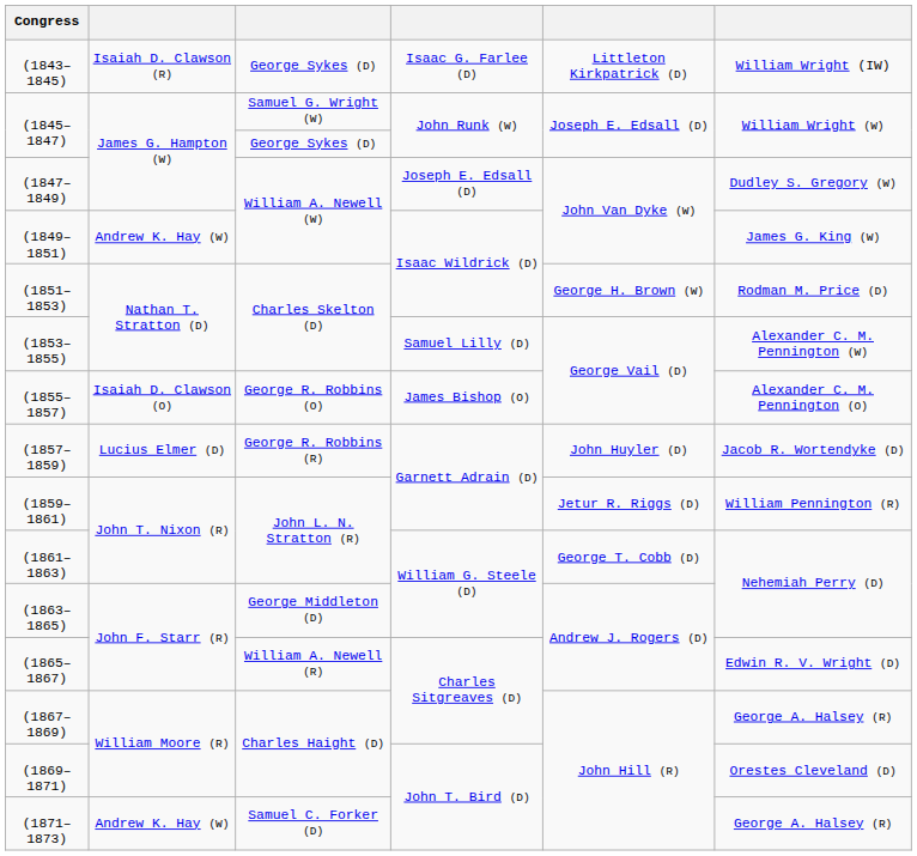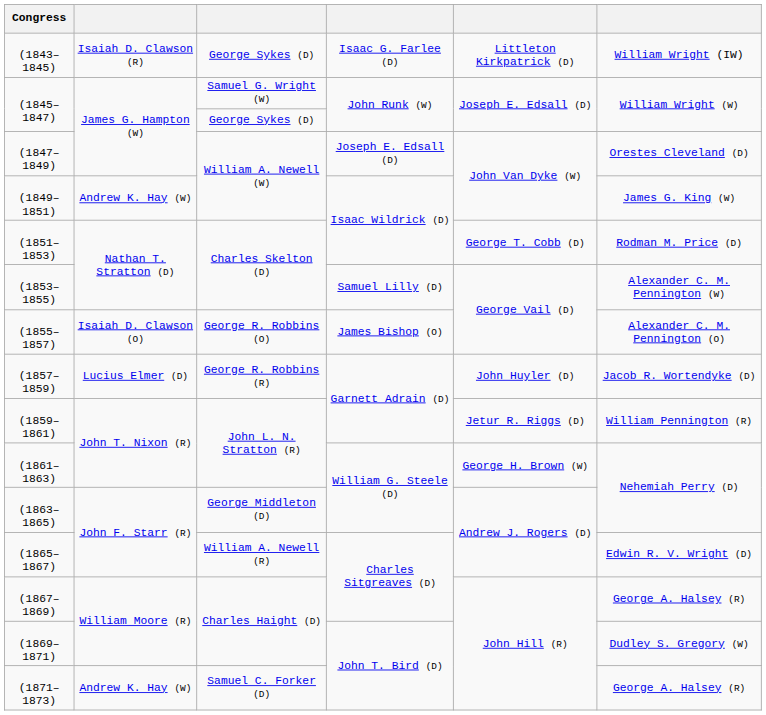 <table class=wikitable style="text-align:center">
 <tr style="height:2.5em">
 <th>Cong­ress</th>
 <th></th>
 <th></th>
 <th></th>
 <th></th>
 <th></th>
 </tr>
 <tr style="height:2em">
 <td><strong></strong><br>(1843–1845)</td>
 <td><a href='#'>Isaiah D. Clawson</a> <small>(R)</small></td>
 <td><a href='#'>George Sykes</a> <small>(D)</small></td>
 <td><a href='#'>Isaac G. Farlee</a> <small>(D)</small></td>
 <td><a href='#'>Littleton Kirkpatrick</a> <small>(D)</small></td>
 <td><a href='#'>William Wright</a> (IW)</td>
 </tr>
 <tr style="height:2em">
 <td rowspan=2><strong></strong><br>(1845–1847)</td>
 <td rowspan=3 ><a href='#'>James G. Hampton</a> <small>(W)</small></td>
 <td><a href='#'>Samuel G. Wright</a> <small>(W)</small></td>
 <td rowspan=2 ><a href='#'>John Runk</a> <small>(W)</small></td>
 <td rowspan=2 ><a href='#'>Joseph E. Edsall</a> <small>(D)</small></td>
 <td rowspan=2 ><a href='#'>William Wright</a> <small>(W)</small></td>
 </tr>
 <tr style="height:2em">
 <td><a href='#'>George Sykes</a> <small>(D)</small></td>
 </tr>
 <tr style="height:2em">
 <td><strong></strong><br>(1847–1849)</td>
 <td rowspan=2 ><a href='#'>William A. Newell</a> <small>(W)</small></td>
 <td><a href='#'>Joseph E. Edsall</a> <small>(D)</small></td>
 <td rowspan=2 ><a href='#'>John Van Dyke</a> <small>(W)</small></td>
-<td><a href='#'>Dudley S. Gregory</a> <small>(W)</small></td>
+<td><a href='#'>Orestes Cleveland</a> <small>(D)</small></td>
 </tr>
 <tr style="height:2em">
 <td><strong></strong><br>(1849–1851)</td>
 <td><a href='#'>Andrew K. Hay</a> <small>(W)</small></td>
 <td rowspan=2 ><a href='#'>Isaac Wildrick</a> <small>(D)</small></td>
 <td><a href='#'>James G. King</a> <small>(W)</small></td>
 </tr>
 <tr style="height:2em">
 <td><strong></strong><br>(1851–1853)</td>
 <td rowspan=2 ><a href='#'>Nathan T. Stratton</a> <small>(D)</small></td>
 <td rowspan=2 ><a href='#'>Charles Skelton</a> <small>(D)</small></td>
-<td><a href='#'>George H. Brown</a> <small>(W)</small></td>
+<td><a href='#'>George T. Cobb</a> <small>(D)</small></td>
 <td><a href='#'>Rodman M. Price</a> <small>(D)</small></td>
 </tr>
 <tr style="height:2em">
 <td><strong></strong><br>(1853–1855)</td>
 <td><a href='#'>Samuel Lilly</a> <small>(D)</small></td>
 <td rowspan=2 ><a href='#'>George Vail</a> <small>(D)</small></td>
 <td><a href='#'>Alexander C. M. Pennington</a> <small>(W)</small></td>
 </tr>
 <tr style="height:2em">
 <td><strong></strong><br>(1855–1857)</td>
 <td><a href='#'>Isaiah D. Clawson</a> <small>(O)</small></td>
 <td><a href='#'>George R. Robbins</a> <small>(O)</small></td>
 <td><a href='#'>James Bishop</a> <small>(O)</small></td>
 <td><a href='#'>Alexander C. M. Pennington</a> <small>(O)</small></td>
 </tr>
 <tr style="height:2em">
 <td><strong></strong><br>(1857–1859)</td>
 <td><a href='#'>Lucius Elmer</a> <small>(D)</small></td>
 <td><a href='#'>George R. Robbins</a> <small>(R)</small></td>
 <td rowspan=2 ><a href='#'>Garnett Adrain</a> <small>(D)</small></td>
 <td><a href='#'>John Huyler</a> <small>(D)</small></td>
 <td><a href='#'>Jacob R. Wortendyke</a> <small>(D)</small></td>
 </tr>
 <tr style="height:2em">
 <td><strong></strong><br>(1859–1861)</td>
 <td rowspan=2 ><a href='#'>John T. Nixon</a> <small>(R)</small></td>
 <td rowspan=2 ><a href='#'>John L. N. Stratton</a> <small>(R)</small></td>
 <td><a href='#'>Jetur R. Riggs</a> <small>(D)</small></td>
 <td><a href='#'>William Pennington</a> <small>(R)</small></td>
 </tr>
 <tr style="height:2em">
 <td><strong></strong><br>(1861–1863)</td>
 <td rowspan=2 ><a href='#'>William G. Steele</a> <small>(D)</small></td>
-<td><a href='#'>George T. Cobb</a> <small>(D)</small></td>
+<td><a href='#'>George H. Brown</a> <small>(W)</small></td>
 <td rowspan=2 ><a href='#'>Nehemiah Perry</a> <small>(D)</small></td>
 </tr>
 <tr style="height:2em">
 <td><strong></strong><br>(1863–1865)</td>
 <td rowspan=2 ><a href='#'>John F. Starr</a> <small>(R)</small></td>
 <td><a href='#'>George Middleton</a> <small>(D)</small></td>
 <td rowspan=2 ><a href='#'>Andrew J. Rogers</a> <small>(D)</small></td>
 </tr>
 <tr style="height:2em">
 <td><strong></strong><br>(1865–1867)</td>
 <td><a href='#'>William A. Newell</a> <small>(R)</small></td>
 <td rowspan=2 ><a href='#'>Charles Sitgreaves</a> <small>(D)</small></td>
 <td><a href='#'>Edwin R. V. Wright</a> <small>(D)</small></td>
 </tr>
 <tr style="height:2em">
 <td><strong></strong><br>(1867–1869)</td>
 <td rowspan=2 ><a href='#'>William Moore</a> <small>(R)</small></td>
 <td rowspan=2 ><a href='#'>Charles Haight</a> <small>(D)</small></td>
 <td rowspan=3 ><a href='#'>John Hill</a> <small>(R)</small></td>
 <td><a href='#'>George A. Halsey</a> <small>(R)</small></td>
 </tr>
 <tr style="height:2em">
 <td><strong></strong><br>(1869–1871)</td>
 <td rowspan=2 ><a href='#'>John T. Bird</a> <small>(D)</small></td>
-<td><a href='#'>Orestes Cleveland</a> <small>(D)</small></td>
+<td><a href='#'>Dudley S. Gregory</a> <small>(W)</small></td>
 </tr>
 <tr style="height:2em">
 <td><strong></strong><br>(1871–1873)</td>
 <td><a href='#'>Andrew K. Hay</a> <small>(W)</small></td>
 <td><a href='#'>Samuel C. Forker</a> <small>(D)</small></td>
 <td><a href='#'>George A. Halsey</a> <small>(R)</small></td>
 </tr>
 </table>
